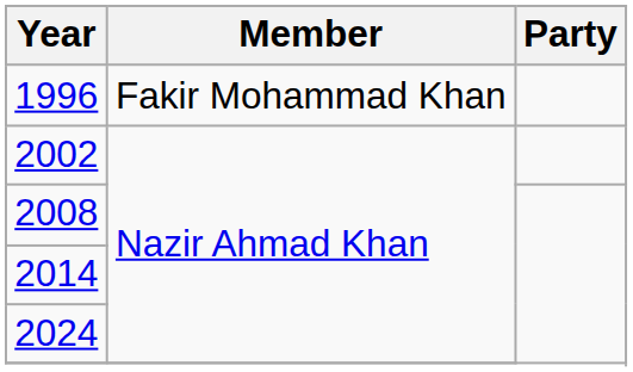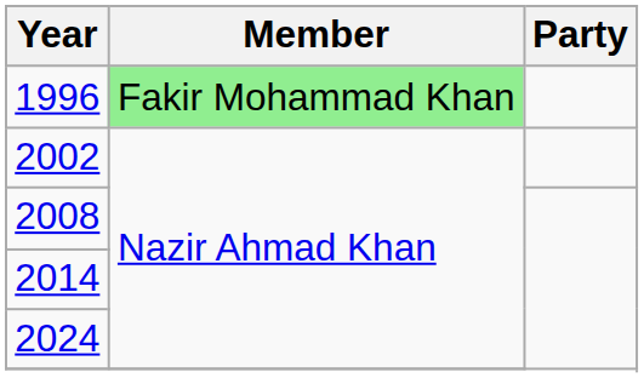 <table class="wikitable sortable">
 <tr>
 <th>Year</th>
 <th>Member</th>
 <th colspan=2>Party</th>
 </tr>
 <tr>
 <td><a href='#'>1996</a></td>
-<td>Fakir Mohammad Khan</td>
+<td style="background: lightgreen;">Fakir Mohammad Khan</td>
 <td></td>
 </tr>
 <tr>
 <td><a href='#'>2002</a></td>
 <td rowspan=4><a href='#'>Nazir Ahmad Khan</a></td>
 <td></td>
 </tr>
 <tr>
 <td><a href='#'>2008</a></td>
 </tr>
 <tr>
 <td><a href='#'>2014</a></td>
 </tr>
 <tr>
 <td><a href='#'>2024</a></td>
 </tr>
 <tr>
 </tr>
 </table>
